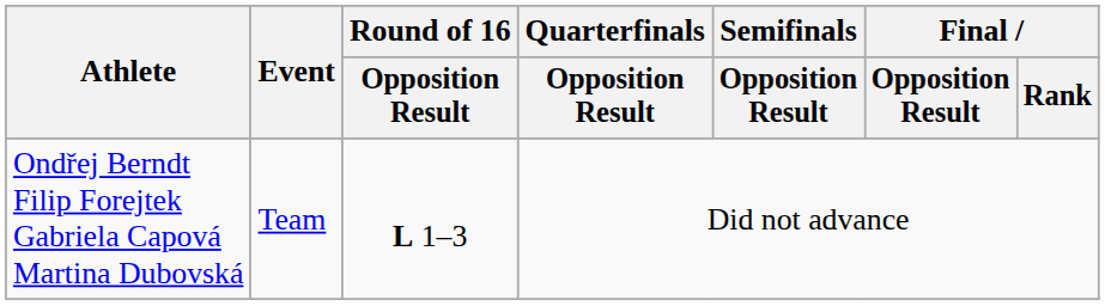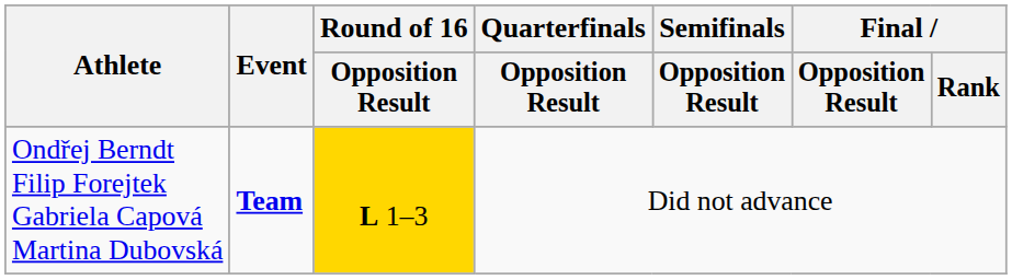 <table class="wikitable" style="font-size:90%">
 <tr>
 <th rowspan="2">Athlete</th>
 <th rowspan="2">Event</th>
 <th>Round of 16</th>
 <th>Quarterfinals</th>
 <th>Semifinals</th>
 <th colspan=2>Final / </th>
 </tr>
 <tr style="font-size:95%">
 <th>Opposition<br>Result</th>
 <th>Opposition<br>Result</th>
 <th>Opposition<br>Result</th>
 <th>Opposition<br>Result</th>
 <th>Rank</th>
 </tr>
 <tr align=center>
 <td align="left"><a href='#'>Ondřej Berndt</a><br><a href='#'>Filip Forejtek</a><br><a href='#'>Gabriela Capová</a><br><a href='#'>Martina Dubovská</a></td>
-<td align="left"><a href='#'>Team</a></td>
-<td><br><strong>L</strong> 1–3</td>
+<td align="left"><strong><a href='#'>Team</a></strong></td>
+<td style="background: gold;"><br><strong>L</strong> 1–3</td>
 <td colspan=4>Did not advance</td>
 </tr>
 </table>
